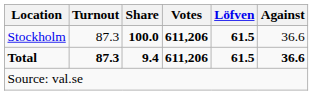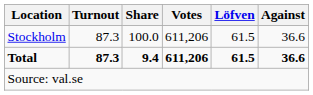 <table class="wikitable sortable" style=text-align:right>
 <tr>
 <th>Location</th>
 <th>Turnout</th>
 <th>Share</th>
 <th>Votes</th>
 <th><a href='#'>Löfven</a></th>
 <th>Against</th>
 </tr>
 <tr>
 <td align=left><a href='#'>Stockholm</a></td>
 <td>87.3</td>
-<td><strong>100.0</strong></td>
-<td><strong>611,206</strong></td>
-<td><strong>61.5</strong></td>
+<td>100.0</td>
+<td>611,206</td>
+<td>61.5</td>
 <td>36.6</td>
 </tr>
 <tr>
 <td align=left><strong>Total</strong></td>
 <td><strong>87.3</strong></td>
 <td><strong>9.4</strong></td>
 <td><strong>611,206</strong></td>
 <td><strong>61.5</strong></td>
 <td><strong>36.6</strong></td>
 </tr>
 <tr>
 <td align=left colspan=6>Source: val.se</td>
 </tr>
 </table>
